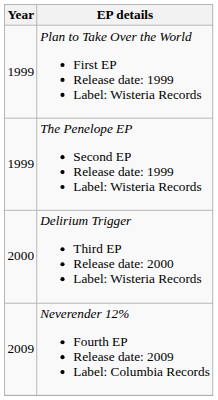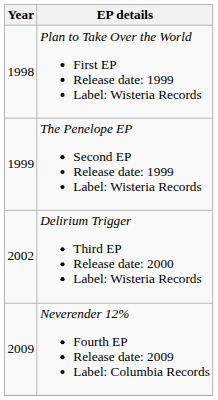 <table class="wikitable" style="text-align:center;">
 <tr>
 <th>Year</th>
 <th>EP details</th>
 </tr>
 <tr>
-<td>1999</td>
+<td>1998</td>
 <td align="left"><em>Plan to Take Over the World</em><br><div><ul><li>First EP</li><li>Release date: 1999</li><li>Label: Wisteria Records</div></li></ul></td>
 </tr>
 <tr>
 <td>1999</td>
 <td align="left"><em>The Penelope EP</em><br><div><ul><li>Second EP</li><li>Release date: 1999</li><li>Label: Wisteria Records</div></li></ul></td>
 </tr>
 <tr>
-<td>2000</td>
+<td>2002</td>
 <td align="left"><em>Delirium Trigger</em><br><div><ul><li>Third EP</li><li>Release date: 2000</li><li>Label: Wisteria Records</div></li></ul></td>
 </tr>
 <tr>
 <td>2009</td>
 <td align="left"><em>Neverender 12%</em><br><div><ul><li>Fourth EP</li><li>Release date: 2009</li><li>Label: Columbia Records</div></li></ul></td>
 </tr>
 <tr>
 </tr>
 </table>
